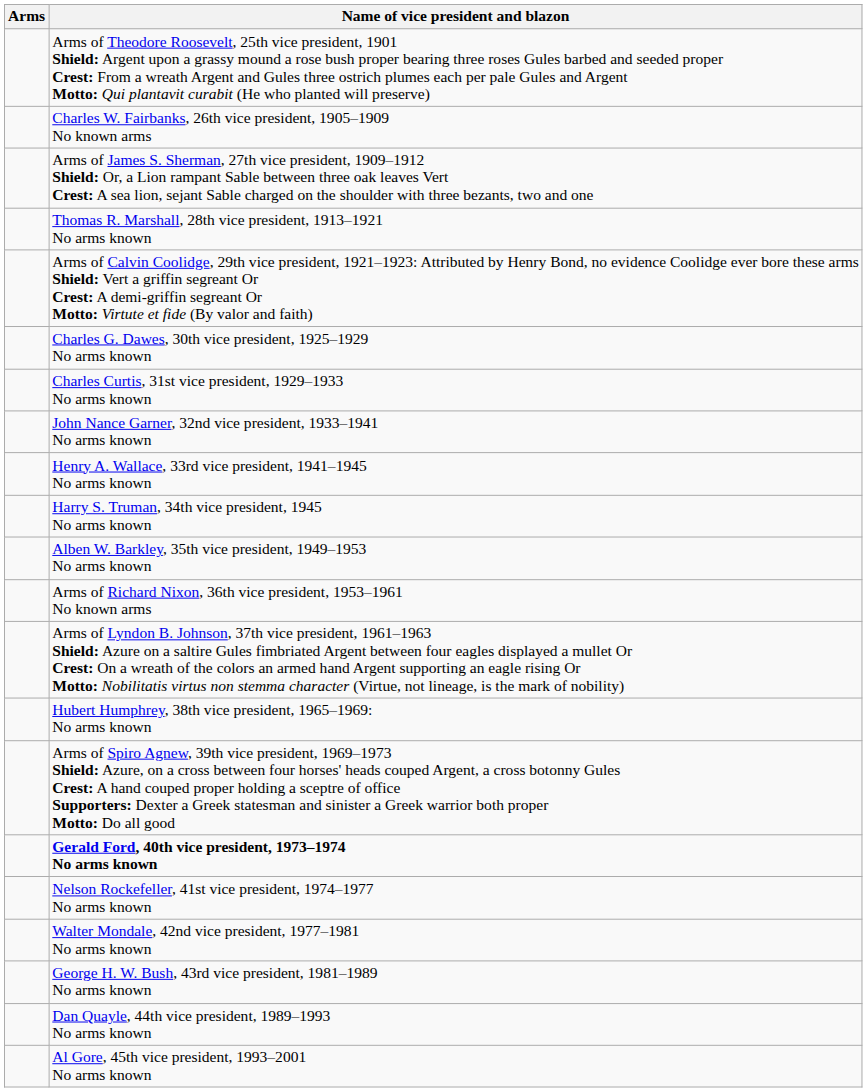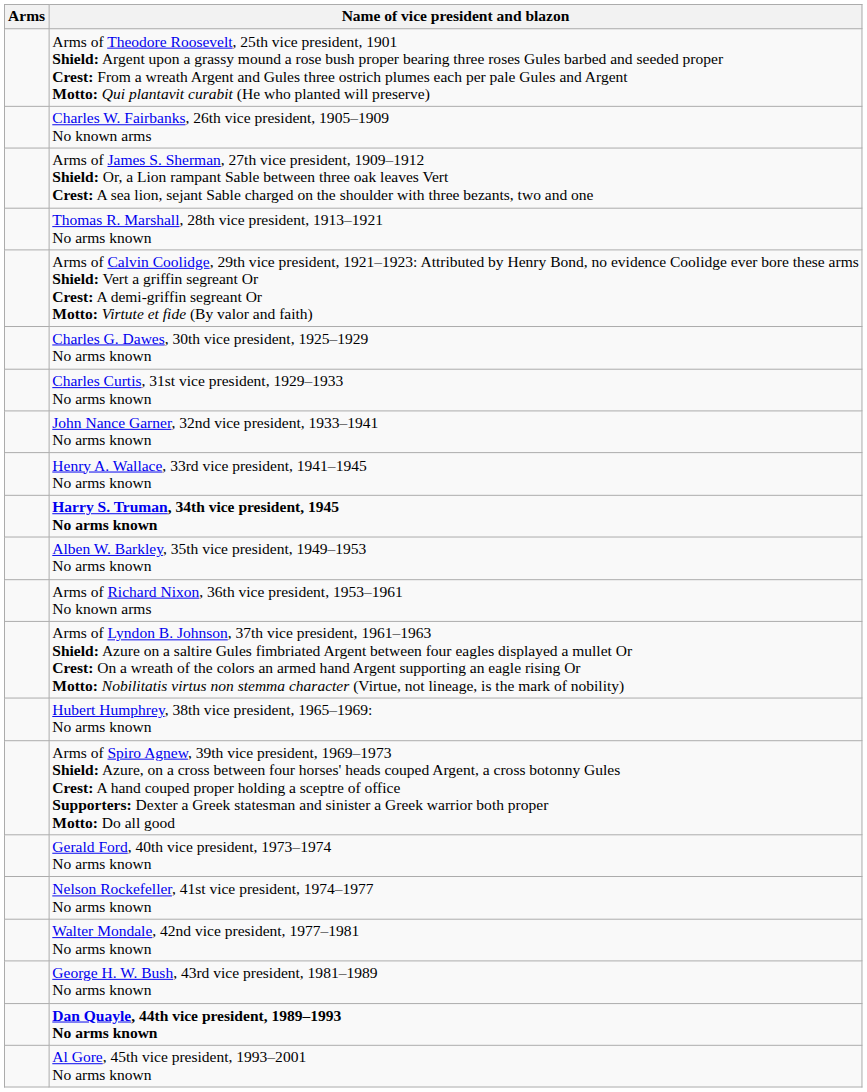 <table class=wikitable>
 <tr style="vertical-align:top; text-align:center;">
 <th>Arms</th>
 <th>Name of vice president and blazon</th>
 </tr>
 <tr valign=top>
 <td align=center></td>
 <td>Arms of <a href='#'>Theodore Roosevelt</a>, 25th vice president, 1901<br><strong>Shield:</strong> Argent upon a grassy mound a rose bush proper bearing three roses Gules barbed and seeded proper<br><strong>Crest:</strong> From a wreath Argent and Gules three ostrich plumes each per pale Gules and Argent<br><strong>Motto:</strong> <em>Qui plantavit curabit</em> (He who planted will preserve)</td>
 </tr>
 <tr valign=top>
 <td></td>
 <td><a href='#'>Charles W. Fairbanks</a>, 26th vice president, 1905–1909<br>No known arms</td>
 </tr>
 <tr valign=top>
 <td align=center></td>
 <td>Arms of <a href='#'>James S. Sherman</a>, 27th vice president, 1909–1912<br><strong>Shield:</strong> Or, a Lion rampant Sable between three oak leaves Vert<br><strong>Crest:</strong> A sea lion, sejant Sable charged on the shoulder with three bezants, two and one</td>
 </tr>
 <tr valign=top>
 <td></td>
 <td><a href='#'>Thomas R. Marshall</a>, 28th vice president, 1913–1921<br>No arms known</td>
 </tr>
 <tr valign=top>
 <td align=center></td>
 <td>Arms of <a href='#'>Calvin Coolidge</a>, 29th vice president, 1921–1923: Attributed by Henry Bond, no evidence Coolidge ever bore these arms<br><strong>Shield:</strong> Vert a griffin segreant Or<br><strong>Crest:</strong> A demi-griffin segreant Or<br><strong>Motto:</strong> <em>Virtute et fide</em> (By valor and faith)</td>
 </tr>
 <tr valign=top>
 <td></td>
 <td><a href='#'>Charles G. Dawes</a>, 30th vice president, 1925–1929<br>No arms known</td>
 </tr>
 <tr valign=top>
 <td></td>
 <td><a href='#'>Charles Curtis</a>, 31st vice president, 1929–1933<br>No arms known</td>
 </tr>
 <tr valign=top>
 <td></td>
 <td><a href='#'>John Nance Garner</a>, 32nd vice president, 1933–1941<br>No arms known</td>
 </tr>
 <tr valign=top>
 <td></td>
 <td><a href='#'>Henry A. Wallace</a>, 33rd vice president, 1941–1945<br>No arms known</td>
 </tr>
 <tr valign=top>
 <td></td>
-<td><a href='#'>Harry S. Truman</a>, 34th vice president, 1945<br>No arms known</td>
+<td><strong><a href='#'>Harry S. Truman</a>, 34th vice president, 1945<br>No arms known</strong></td>
 </tr>
 <tr valign=top>
 <td></td>
 <td><a href='#'>Alben W. Barkley</a>, 35th vice president, 1949–1953<br>No arms known</td>
 </tr>
 <tr valign=top>
 <td></td>
 <td>Arms of <a href='#'>Richard Nixon</a>, 36th vice president, 1953–1961<br>No known arms</td>
 </tr>
 <tr valign=top>
 <td align=center></td>
 <td>Arms of <a href='#'>Lyndon B. Johnson</a>, 37th vice president, 1961–1963<br><strong>Shield:</strong> Azure on a saltire Gules fimbriated Argent between four eagles displayed a mullet Or<br><strong>Crest:</strong> On a wreath of the colors an armed hand Argent supporting an eagle rising Or<br><strong>Motto:</strong> <em>Nobilitatis virtus non stemma character</em> (Virtue, not lineage, is the mark of nobility)</td>
 </tr>
 <tr valign=top |>
 <td></td>
 <td><a href='#'>Hubert Humphrey</a>, 38th vice president, 1965–1969:<br>No arms known</td>
 </tr>
 <tr valign=top |>
 <td align=center></td>
 <td>Arms of <a href='#'>Spiro Agnew</a>, 39th vice president, 1969–1973<br><strong>Shield:</strong> Azure, on a cross between four horses' heads couped Argent, a cross botonny Gules<br><strong>Crest:</strong> A hand couped proper holding a sceptre of office<br><strong>Supporters:</strong> Dexter a Greek statesman and sinister a Greek warrior both proper<br><strong>Motto:</strong> Do all good</td>
 </tr>
 <tr valign=top>
 <td></td>
-<td><strong><a href='#'>Gerald Ford</a>, 40th vice president, 1973–1974<br>No arms known</strong></td>
+<td><a href='#'>Gerald Ford</a>, 40th vice president, 1973–1974<br>No arms known</td>
 </tr>
 <tr valign=top>
 <td></td>
 <td><a href='#'>Nelson Rockefeller</a>, 41st vice president, 1974–1977<br>No arms known</td>
 </tr>
 <tr valign=top>
 <td></td>
 <td><a href='#'>Walter Mondale</a>, 42nd vice president, 1977–1981<br>No arms known</td>
 </tr>
 <tr valign=top>
 <td></td>
 <td><a href='#'>George H. W. Bush</a>, 43rd vice president, 1981–1989<br>No arms known</td>
 </tr>
 <tr valign=top>
 <td></td>
-<td><a href='#'>Dan Quayle</a>, 44th vice president, 1989–1993<br>No arms known</td>
+<td><strong><a href='#'>Dan Quayle</a>, 44th vice president, 1989–1993<br>No arms known</strong></td>
 </tr>
 <tr valign=top>
 <td></td>
 <td><a href='#'>Al Gore</a>, 45th vice president, 1993–2001<br>No arms known</td>
 </tr>
 </table>
